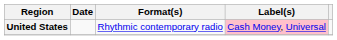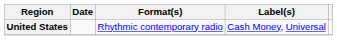 <table class="wikitable plainrowheaders" style="text-align:left">
 <tr>
 <th scope="col">Region</th>
 <th scope="col">Date</th>
 <th scope="col">Format(s)</th>
 <th scope="col">Label(s)</th>
 <th scope="col"></th>
 </tr>
 <tr>
 <th scope="row">United States</th>
 <td></td>
 <td><a href='#'>Rhythmic contemporary radio</a></td>
-<td style="background: pink;"><a href='#'>Cash Money</a>, <a href='#'>Universal</a></td>
+<td><a href='#'>Cash Money</a>, <a href='#'>Universal</a></td>
 <td></td>
 </tr>
 <tr>
 </tr>
 </table>
